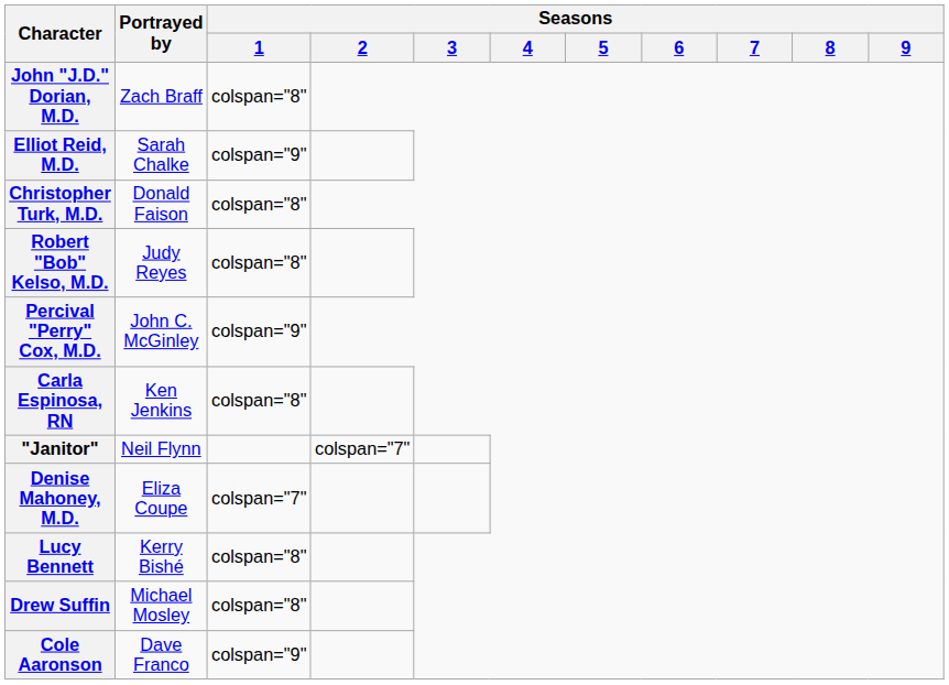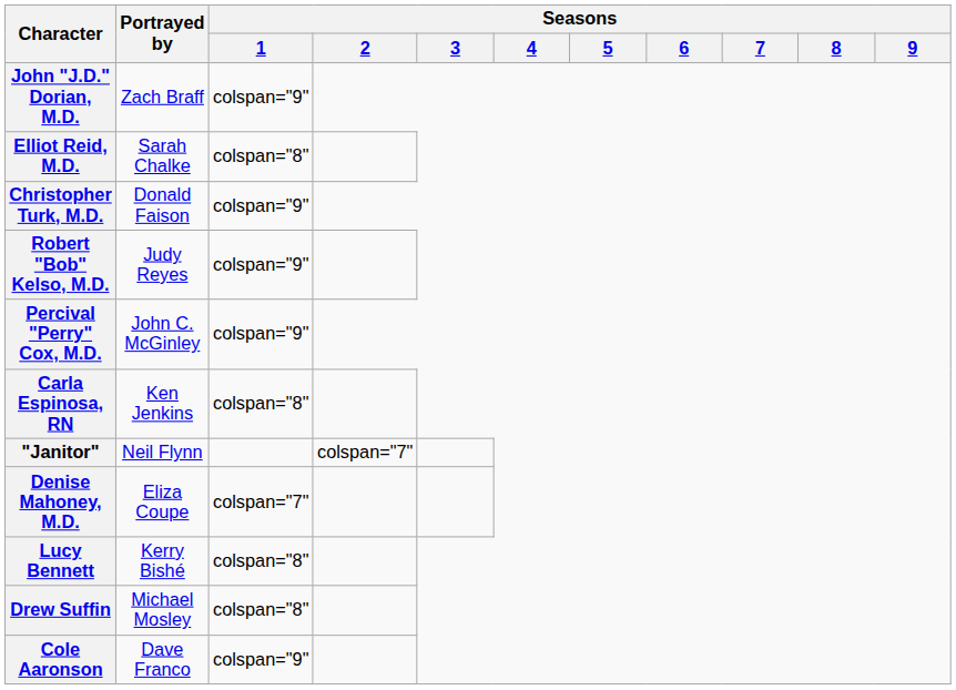 <table class="wikitable sortable">
 <tr>
 <th scope="col" rowspan="2" style="width:60px;">Character</th>
 <th scope="col" rowspan="2" style="width:60px;">Portrayed by</th>
 <th scope="col" colspan="9" class="width:60px;">Seasons</th>
 </tr>
 <tr>
 <th scope="col" class="unsortable" style="width:60px;"><a href='#'>1</a></th>
 <th scope="col" class="unsortable" style="width:60px;"><a href='#'>2</a></th>
 <th scope="col" class="unsortable" style="width:60px;"><a href='#'>3</a></th>
 <th scope="col" class="unsortable" style="width:60px;"><a href='#'>4</a></th>
 <th scope="col" class="unsortable" style="width:60px;"><a href='#'>5</a></th>
 <th scope="col" class="unsortable" style="width:60px;"><a href='#'>6</a></th>
 <th scope="col" class="unsortable" style="width:60px;"><a href='#'>7</a></th>
 <th scope="col" class="unsortable" style="width:60px;"><a href='#'>8</a></th>
 <th scope="col" class="unsortable" style="width:60px;"><a href='#'>9</a></th>
 </tr>
 <tr>
 <th scope="row"><a href='#'>John "J.D." Dorian, M.D.</a></th>
 <td align="center"><a href='#'>Zach Braff</a></td>
-<td>colspan="8" </td>
+<td>colspan="9" </td>
 </tr>
 <tr>
 <th scope="row"><a href='#'>Elliot Reid, M.D.</a></th>
 <td align="center"><a href='#'>Sarah Chalke</a></td>
-<td>colspan="9" </td>
+<td>colspan="8" </td>
 <td></td>
 </tr>
 <tr>
 <th scope="row"><a href='#'>Christopher Turk, M.D.</a></th>
 <td align="center"><a href='#'>Donald Faison</a></td>
-<td>colspan="8" </td>
+<td>colspan="9" </td>
 </tr>
 <tr>
 <th scope="row"><a href='#'>Robert "Bob" Kelso, M.D.</a></th>
 <td align="center"><a href='#'>Judy Reyes</a></td>
-<td>colspan="8" </td>
+<td>colspan="9" </td>
 <td></td>
 </tr>
 <tr>
 <th scope="row"><a href='#'>Percival "Perry" Cox, M.D.</a></th>
 <td align="center"><a href='#'>John C. McGinley</a></td>
 <td>colspan="9" </td>
 </tr>
 <tr>
 <th scope="row"><a href='#'>Carla Espinosa, RN</a></th>
 <td align="center"><a href='#'>Ken Jenkins</a></td>
 <td>colspan="8" </td>
 <td></td>
 </tr>
 <tr>
 <th scope="row">"Janitor"</th>
 <td align="center"><a href='#'>Neil Flynn</a></td>
 <td></td>
 <td>colspan="7" </td>
 <td></td>
 </tr>
 <tr>
 <th scope="row"><a href='#'>Denise Mahoney, M.D.</a></th>
 <td align="center"><a href='#'>Eliza Coupe</a></td>
 <td>colspan="7" </td>
 <td></td>
 <td></td>
 </tr>
 <tr>
 <th scope="row"><a href='#'>Lucy Bennett</a></th>
 <td align="center"><a href='#'>Kerry Bishé</a></td>
 <td>colspan="8" </td>
 <td></td>
 </tr>
 <tr>
 <th scope="row"><a href='#'>Drew Suffin</a></th>
 <td align="center"><a href='#'>Michael Mosley</a></td>
 <td>colspan="8" </td>
 <td></td>
 </tr>
 <tr>
 <th scope="row"><a href='#'>Cole Aaronson</a></th>
 <td align="center"><a href='#'>Dave Franco</a></td>
 <td>colspan="9" </td>
 <td></td>
 </tr>
 <tr>
 </tr>
 </table>
